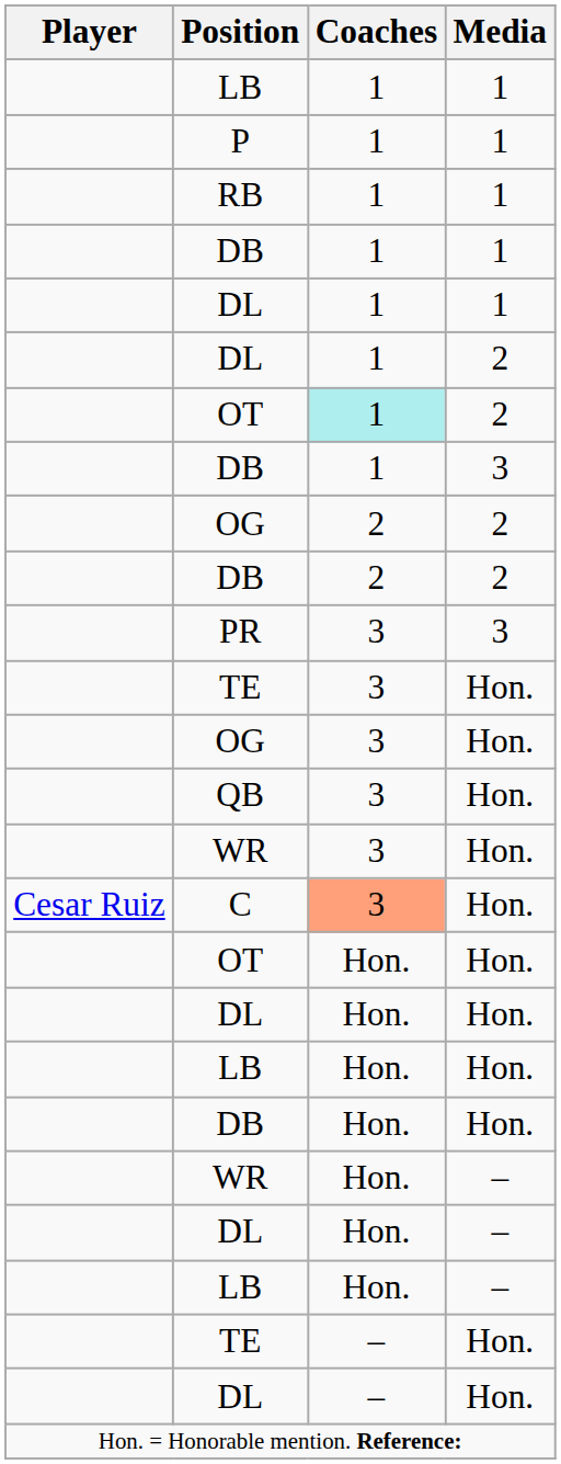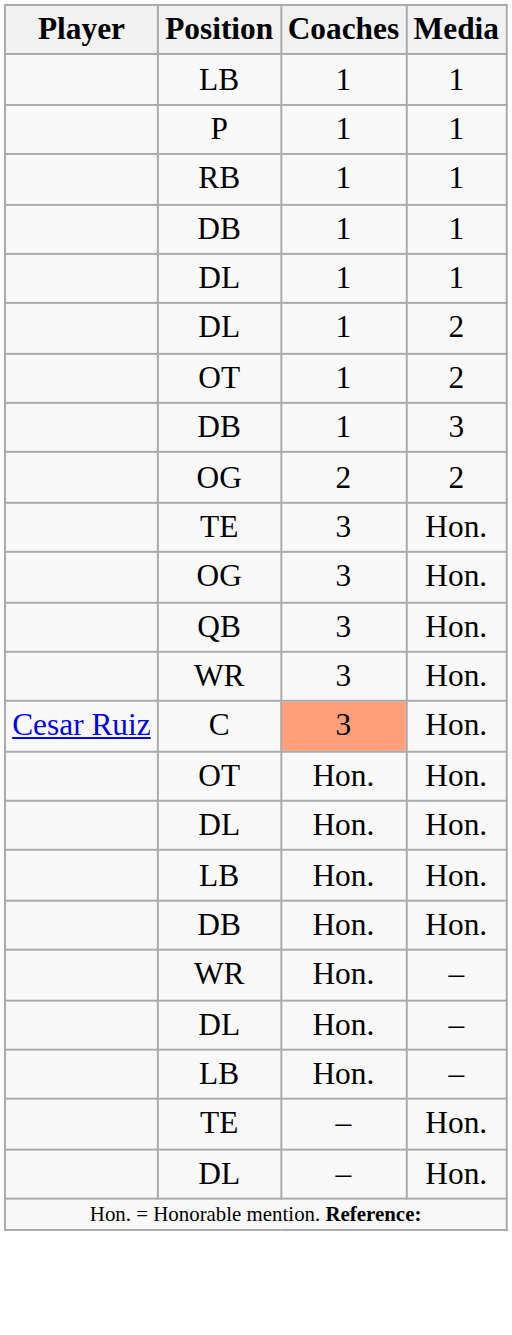 <table class="wikitable sortable sortable" style="text-align: center">
 <tr align=center>
 <th>Player</th>
 <th>Position</th>
 <th>Coaches</th>
 <th>Media</th>
 </tr>
 <tr>
 <td></td>
 <td>LB</td>
 <td>1</td>
 <td>1</td>
 </tr>
 <tr>
 <td></td>
 <td>P</td>
 <td>1</td>
 <td>1</td>
 </tr>
 <tr>
 <td></td>
 <td>RB</td>
 <td>1</td>
 <td>1</td>
 </tr>
 <tr>
 <td></td>
 <td>DB</td>
 <td>1</td>
 <td>1</td>
 </tr>
 <tr>
 <td></td>
 <td>DL</td>
 <td>1</td>
 <td>1</td>
 </tr>
 <tr>
 <td></td>
 <td>DL</td>
 <td>1</td>
 <td>2</td>
 </tr>
 <tr>
 <td></td>
 <td>OT</td>
-<td style="background: paleturquoise;">1</td>
+<td>1</td>
 <td>2</td>
 </tr>
 <tr>
 <td></td>
 <td>DB</td>
 <td>1</td>
 <td>3</td>
 </tr>
 <tr>
 <td></td>
 <td>OG</td>
 <td>2</td>
 <td>2</td>
-</tr>
-<tr>
-<td></td>
-<td>DB</td>
-<td>2</td>
-<td>2</td>
-</tr>
-<tr>
-<td></td>
-<td>PR</td>
-<td>3</td>
-<td>3</td>
 </tr>
 <tr>
 <td></td>
 <td>TE</td>
 <td>3</td>
 <td data-sort-value="4">Hon.</td>
 </tr>
 <tr>
 <td></td>
 <td>OG</td>
 <td>3</td>
 <td data-sort-value="4">Hon.</td>
 </tr>
 <tr>
 <td></td>
 <td>QB</td>
 <td>3</td>
 <td data-sort-value="4">Hon.</td>
 </tr>
 <tr>
 <td></td>
 <td>WR</td>
 <td>3</td>
 <td data-sort-value="4">Hon.</td>
 </tr>
 <tr>
 <td><a href='#'>Cesar Ruiz</a></td>
 <td>C</td>
 <td style="background: lightsalmon;">3</td>
 <td data-sort-value="4">Hon.</td>
 </tr>
 <tr>
 <td></td>
 <td>OT</td>
 <td data-sort-value="4">Hon.</td>
 <td data-sort-value="4">Hon.</td>
 </tr>
 <tr>
 <td></td>
 <td>DL</td>
 <td data-sort-value="4">Hon.</td>
 <td data-sort-value="4">Hon.</td>
 </tr>
 <tr>
 <td></td>
 <td>LB</td>
 <td data-sort-value="4">Hon.</td>
 <td data-sort-value="4">Hon.</td>
 </tr>
 <tr>
 <td></td>
 <td>DB</td>
 <td data-sort-value="4">Hon.</td>
 <td data-sort-value="4">Hon.</td>
 </tr>
 <tr>
 <td></td>
 <td>WR</td>
 <td data-sort-value="4">Hon.</td>
 <td data-sort-value="5">–</td>
 </tr>
 <tr>
 <td></td>
 <td>DL</td>
 <td data-sort-value="4">Hon.</td>
 <td data-sort-value="5">–</td>
 </tr>
 <tr>
 <td></td>
 <td>LB</td>
 <td data-sort-value="4">Hon.</td>
 <td data-sort-value="5">–</td>
 </tr>
 <tr>
 <td></td>
 <td>TE</td>
 <td data-sort-value="5">–</td>
 <td data-sort-value="4">Hon.</td>
 </tr>
 <tr>
 <td></td>
 <td>DL</td>
 <td data-sort-value="5">–</td>
 <td data-sort-value="4">Hon.</td>
 </tr>
 <tr class="sortbottom">
 <td colspan="4"  style="font-size:8pt; text-align:center;">Hon. = Honorable mention. <strong>Reference:</strong></td>
 </tr>
 </table>
